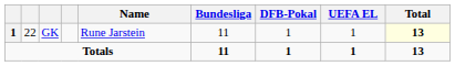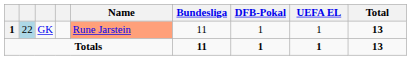 <table class="wikitable" style="text-align:center">
 <tr>
 <th width=15></th>
 <th width=15></th>
 <th width=15></th>
 <th width=15></th>
 <th width=145>Name</th>
 <th width=80><strong><a href='#'>Bundesliga</a></strong></th>
 <th width=80><strong><a href='#'>DFB-Pokal</a></strong></th>
 <th width=80><strong><a href='#'>UEFA EL</a></strong></th>
 <th width=80>Total</th>
 </tr>
 <tr>
 <th>1</th>
-<td>22</td>
+<td style="background: lightblue;">22</td>
 <td><a href='#'>GK</a></td>
 <td></td>
-<td align=left><a href='#'>Rune Jarstein</a></td>
+<td align=left style="background: lightsalmon;"><a href='#'>Rune Jarstein</a></td>
 <td>11</td>
 <td>1</td>
 <td>1</td>
-<td style="background: lightyellow;"><strong>13</strong></td>
+<td><strong>13</strong></td>
 </tr>
 <tr>
 <td colspan=5><strong>Totals</strong></td>
 <td><strong>11</strong></td>
 <td><strong>1</strong></td>
 <td><strong>1</strong></td>
 <td><strong>13</strong></td>
 </tr>
 </table>
